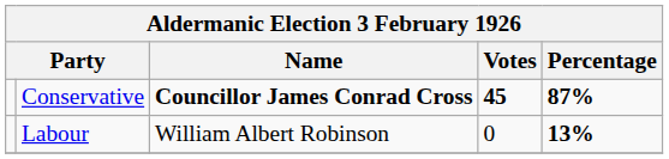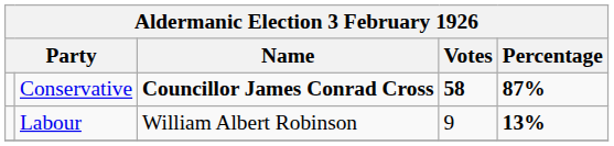 <table class="wikitable">
 <tr>
 <th colspan="5"><strong>Aldermanic Election 3 February 1926</strong></th>
 </tr>
 <tr>
 <th colspan="2">Party</th>
 <th>Name</th>
 <th>Votes</th>
 <th>Percentage</th>
 </tr>
 <tr>
 <td style="background-color:"></td>
 <td><a href='#'>Conservative</a></td>
 <td><strong>Councillor James Conrad Cross</strong></td>
-<td><strong>45</strong></td>
+<td><strong>58</strong></td>
 <td><strong>87%</strong></td>
 </tr>
 <tr>
 <td style="background-color:"></td>
 <td><a href='#'>Labour</a></td>
 <td>William Albert Robinson</td>
-<td>0</td>
+<td>9</td>
 <td><strong>13%</strong></td>
 </tr>
 <tr>
 </tr>
 </table>
